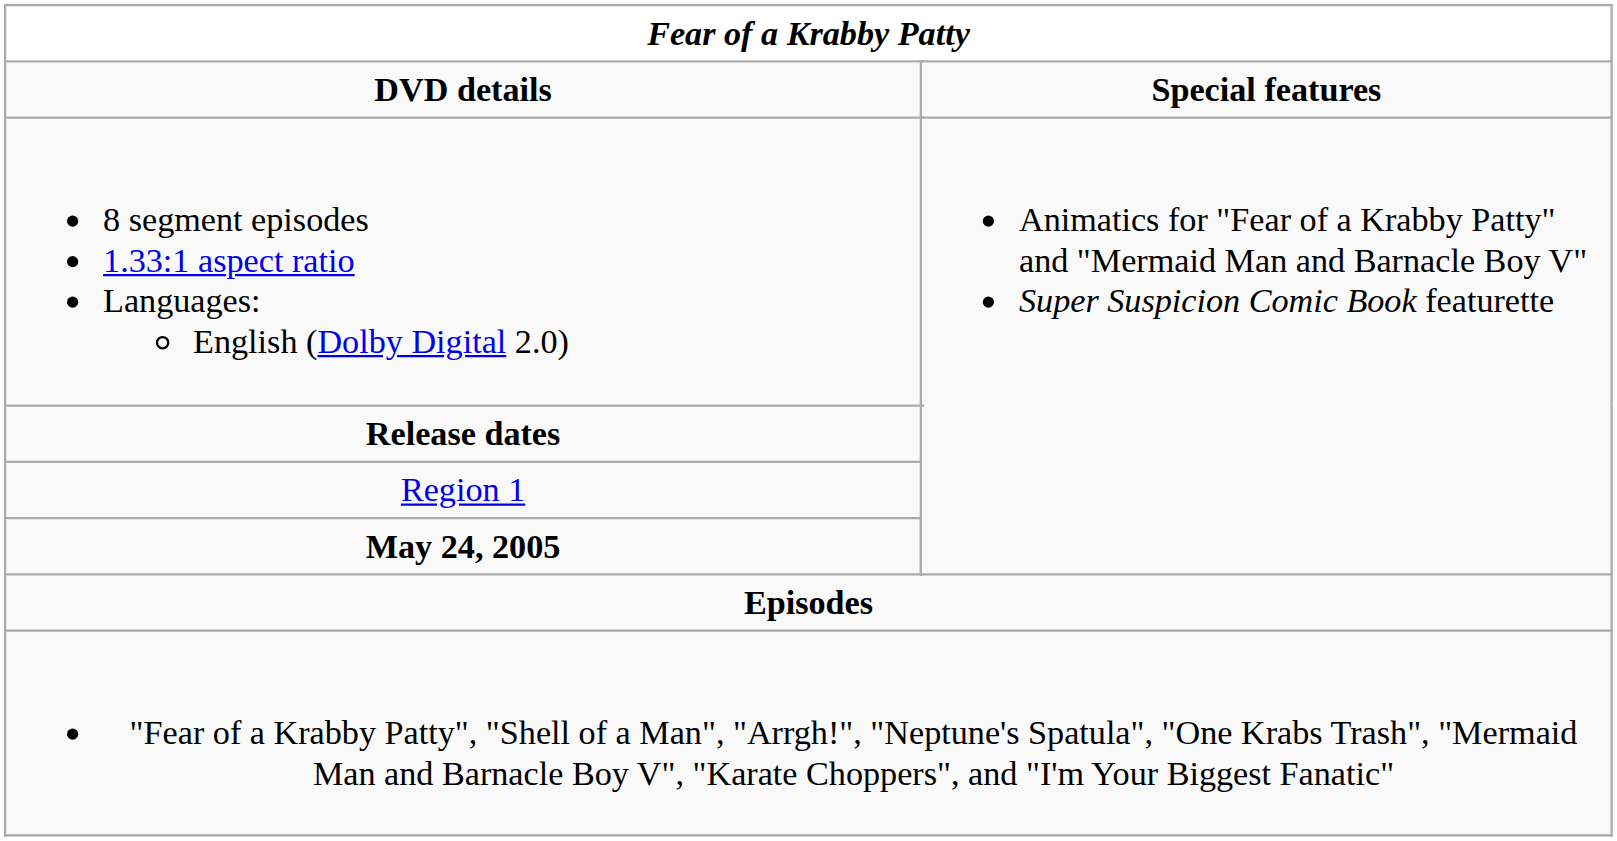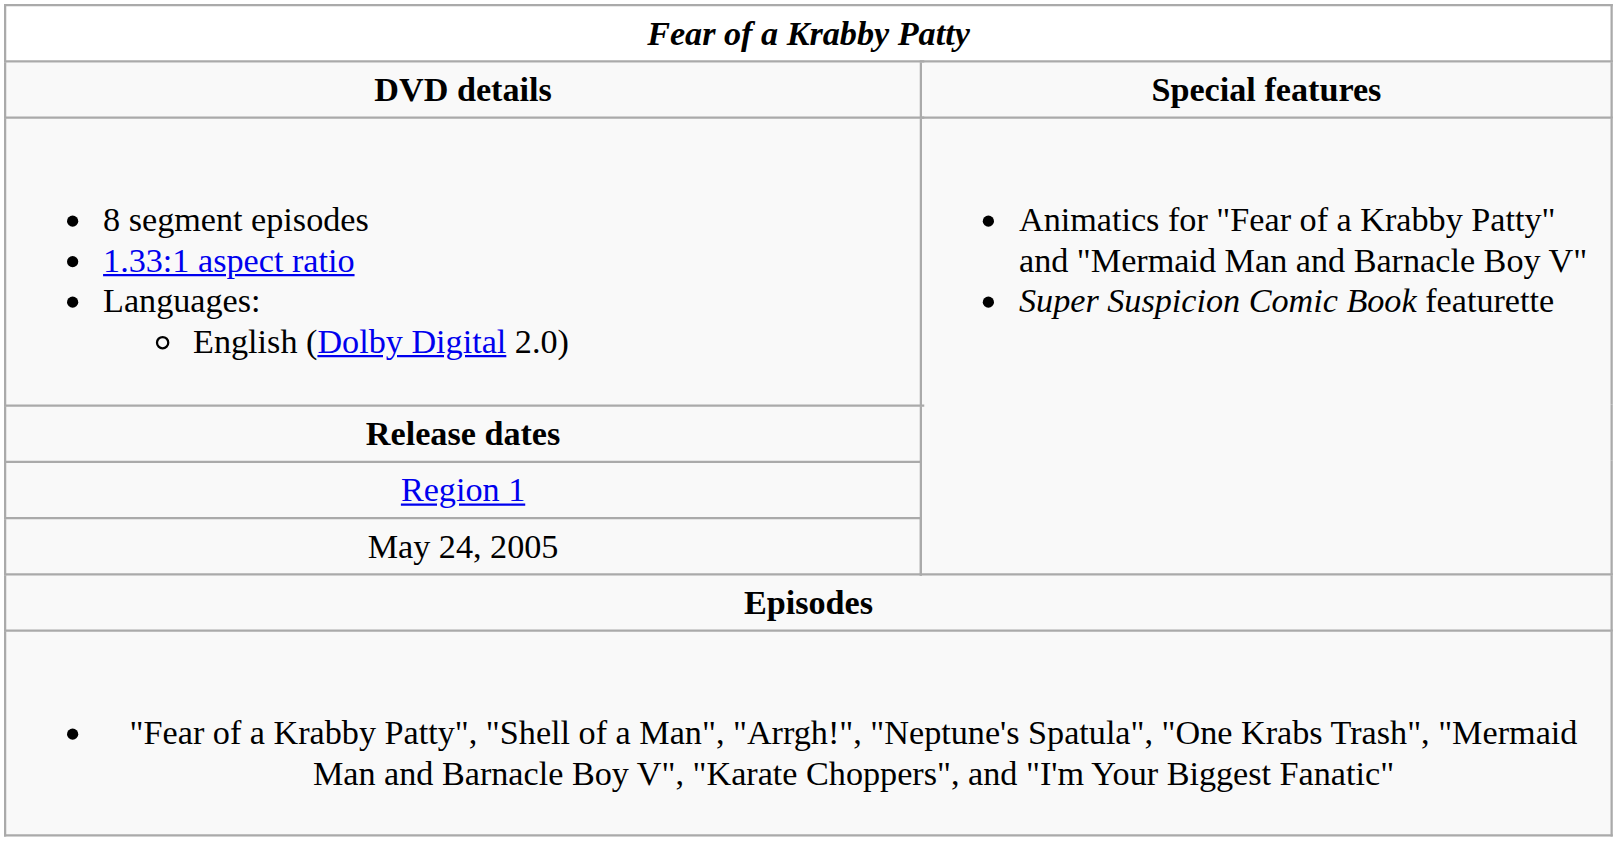 <table class="wikitable" style="font-size: 95%;">
 <tr style="background:#FFF; color:#000;">
 <td colspan="4" align="center"><strong><em>Fear of a Krabby Patty</em></strong></td>
 </tr>
 <tr valign="top">
 <td style="text-align:center; width:400px;" colspan="3"><strong>DVD details</strong></td>
 <td style="width:300px; text-align:center;"><strong>Special features</strong></td>
 </tr>
 <tr valign="top">
 <td colspan="3" style="text-align:left; width:400px;"><br><ul><li>8 segment episodes</li><li><a href='#'>1.33:1 aspect ratio</a></li><li>Languages:<ul><li>English (<a href='#'>Dolby Digital</a> 2.0)</li></ul></li></ul></td>
 <td rowspan="4" style="text-align:left; width:300px;"><br><ul><li>Animatics for "Fear of a Krabby Patty" and "Mermaid Man and Barnacle Boy V"</li><li><em>Super Suspicion Comic Book</em> featurette</li></ul></td>
 </tr>
 <tr>
 <td colspan="3" style="text-align:center;"><strong>Release dates</strong></td>
 </tr>
 <tr>
 <td colspan="3" style="text-align:center;"><a href='#'>Region 1</a></td>
 </tr>
 <tr style="text-align:center;">
-<td><strong>May 24, 2005</strong></td>
+<td>May 24, 2005</td>
 </tr>
 <tr>
 <td style="text-align:center; width:400px;" colspan="4"><strong>Episodes</strong></td>
 </tr>
 <tr>
 <td style="text-align:center; width:400px;" colspan="4"><br><ul><li>"Fear of a Krabby Patty", "Shell of a Man", "Arrgh!", "Neptune's Spatula", "One Krabs Trash", "Mermaid Man and Barnacle Boy V", "Karate Choppers", and "I'm Your Biggest Fanatic"</li></ul></td>
 </tr>
 </table>
